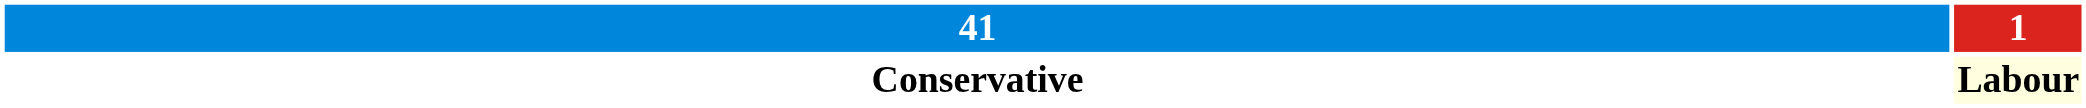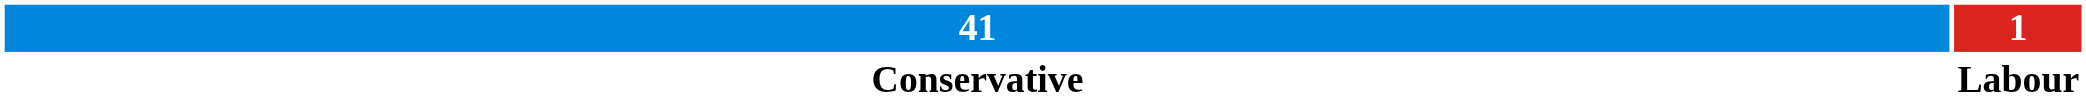 <table style="width:100%; text-align:center;">
 <tr style="color:white;">
 <td style="background:#0087dc; width:97.6%;"><strong>41</strong></td>
 <td style="background:#dc241f; width:2.4%"><strong>1</strong></td>
 </tr>
 <tr>
 <td><span><strong>Conservative</strong></span></td>
-<td style="background: lightyellow;"><span><strong>Labour</strong></span></td>
+<td><span><strong>Labour</strong></span></td>
 </tr>
 </table>
